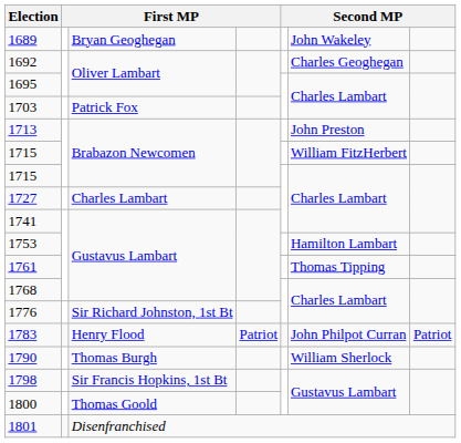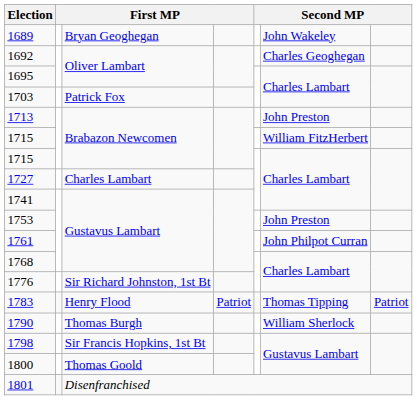 <table class="wikitable">
 <tr>
 <th>Election</th>
 <th colspan=3>First MP</th>
 <th colspan=3>Second MP</th>
 </tr>
 <tr>
 <td><a href='#'>1689</a></td>
 <td style="background-color: white"></td>
 <td><a href='#'>Bryan Geoghegan</a></td>
 <td></td>
 <td style="background-color: white"></td>
 <td><a href='#'>John Wakeley</a></td>
 <td></td>
 </tr>
 <tr>
 <td>1692</td>
 <td rowspan="2" style="background-color: white"></td>
 <td rowspan="2"><a href='#'>Oliver Lambart</a></td>
 <td rowspan="2"></td>
 <td style="background-color: white"></td>
 <td><a href='#'>Charles Geoghegan</a></td>
 <td></td>
 </tr>
 <tr>
 <td>1695</td>
 <td rowspan="2" style="background-color: white"></td>
 <td rowspan="2"><a href='#'>Charles Lambart</a></td>
 <td rowspan="2"></td>
 </tr>
 <tr>
 <td>1703</td>
 <td style="background-color: white"></td>
 <td><a href='#'>Patrick Fox</a></td>
 <td></td>
 </tr>
 <tr>
 <td><a href='#'>1713</a></td>
 <td rowspan="3" style="background-color: white"></td>
 <td rowspan="3"><a href='#'>Brabazon Newcomen</a></td>
 <td rowspan="3"></td>
 <td style="background-color: white"></td>
 <td><a href='#'>John Preston</a></td>
 <td></td>
 </tr>
 <tr>
 <td>1715</td>
 <td style="background-color: white"></td>
 <td><a href='#'>William FitzHerbert</a></td>
 <td></td>
 </tr>
 <tr>
 <td>1715</td>
 <td rowspan="3" style="background-color: white"></td>
 <td rowspan="3"><a href='#'>Charles Lambart</a></td>
 <td rowspan="3"></td>
 </tr>
 <tr>
 <td><a href='#'>1727</a></td>
 <td style="background-color: white"></td>
 <td><a href='#'>Charles Lambart</a></td>
 <td></td>
 </tr>
 <tr>
 <td>1741</td>
 <td rowspan="4" style="background-color: white"></td>
 <td rowspan="4"><a href='#'>Gustavus Lambart</a></td>
 <td rowspan="4"></td>
 </tr>
 <tr>
 <td>1753</td>
 <td style="background-color: white"></td>
-<td><a href='#'>Hamilton Lambart</a></td>
+<td><a href='#'>John Preston</a></td>
 <td></td>
 </tr>
 <tr>
 <td><a href='#'>1761</a></td>
 <td style="background-color: white"></td>
-<td><a href='#'>Thomas Tipping</a></td>
+<td><a href='#'>John Philpot Curran</a></td>
 <td></td>
 </tr>
 <tr>
 <td>1768</td>
 <td rowspan="2" style="background-color: white"></td>
 <td rowspan="2"><a href='#'>Charles Lambart</a></td>
 <td rowspan="2"></td>
 </tr>
 <tr>
 <td>1776</td>
 <td style="background-color: white"></td>
 <td><a href='#'>Sir Richard Johnston, 1st Bt</a></td>
 <td></td>
 </tr>
 <tr>
 <td><a href='#'>1783</a></td>
 <td style="background-color: "></td>
 <td><a href='#'>Henry Flood</a></td>
 <td><a href='#'>Patriot</a></td>
 <td style="background-color: "></td>
-<td><a href='#'>John Philpot Curran</a></td>
+<td><a href='#'>Thomas Tipping</a></td>
 <td><a href='#'>Patriot</a></td>
 </tr>
 <tr>
 <td><a href='#'>1790</a></td>
 <td style="background-color: white"></td>
 <td><a href='#'>Thomas Burgh</a></td>
 <td></td>
 <td style="background-color: white"></td>
 <td><a href='#'>William Sherlock</a></td>
 <td></td>
 </tr>
 <tr>
 <td><a href='#'>1798</a></td>
 <td style="background-color: white"></td>
 <td><a href='#'>Sir Francis Hopkins, 1st Bt</a></td>
 <td></td>
 <td rowspan="2" style="background-color: white"></td>
 <td rowspan="2"><a href='#'>Gustavus Lambart</a></td>
 <td rowspan="2"></td>
 </tr>
 <tr>
 <td>1800</td>
 <td style="background-color: white"></td>
 <td><a href='#'>Thomas Goold</a></td>
 <td></td>
 </tr>
 <tr>
 <td><a href='#'>1801</a></td>
 <td></td>
 <td colspan="5"><em>Disenfranchised</em></td>
 </tr>
 </table>
